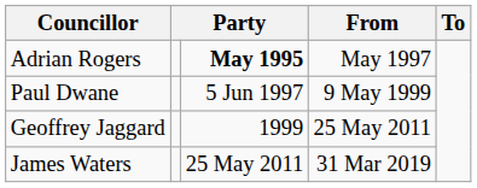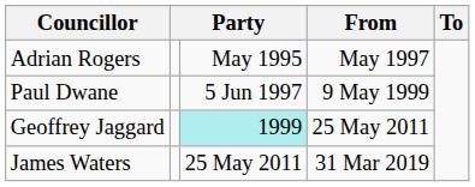 <table class=wikitable>
 <tr>
 <th>Councillor</th>
 <th colspan=2>Party</th>
 <th>From</th>
 <th>To</th>
 </tr>
 <tr>
 <td>Adrian Rogers</td>
 <td></td>
-<td align=right><strong>May 1995</strong></td>
+<td align=right>May 1995</td>
 <td align=right>May 1997</td>
 </tr>
 <tr>
 <td>Paul Dwane</td>
 <td></td>
 <td align=right>5 Jun 1997</td>
 <td align=right>9 May 1999</td>
 </tr>
 <tr>
 <td>Geoffrey Jaggard</td>
 <td></td>
-<td align=right>1999</td>
+<td align=right style="background: paleturquoise;">1999</td>
 <td align=right>25 May 2011</td>
 </tr>
 <tr>
 <td>James Waters</td>
 <td></td>
 <td align=right>25 May 2011</td>
 <td align=right>31 Mar 2019</td>
 </tr>
 </table>
